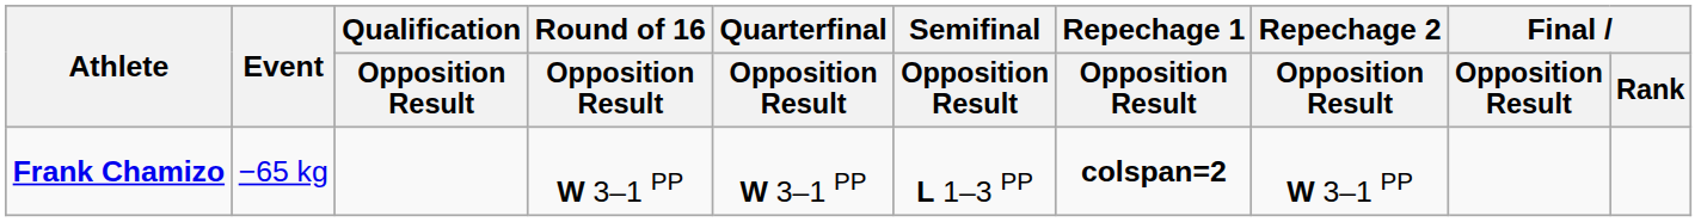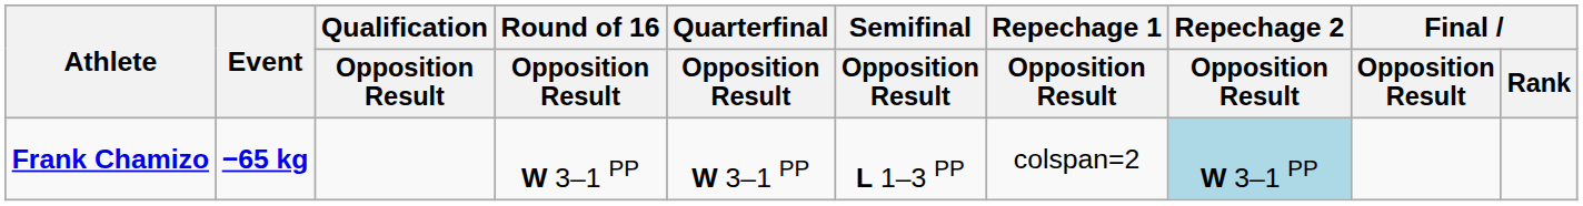 <table class="wikitable" style="font-size:90%">
 <tr>
 <th rowspan=2>Athlete</th>
 <th rowspan=2>Event</th>
 <th>Qualification</th>
 <th>Round of 16</th>
 <th>Quarterfinal</th>
 <th>Semifinal</th>
 <th>Repechage 1</th>
 <th>Repechage 2</th>
 <th colspan=2>Final / </th>
 </tr>
 <tr style="font-size: 95%">
 <th>Opposition<br>Result</th>
 <th>Opposition<br>Result</th>
 <th>Opposition<br>Result</th>
 <th>Opposition<br>Result</th>
 <th>Opposition<br>Result</th>
 <th>Opposition<br>Result</th>
 <th>Opposition<br>Result</th>
 <th>Rank</th>
 </tr>
 <tr align=center>
 <td align=left><strong><a href='#'>Frank Chamizo</a></strong></td>
-<td align=left><a href='#'>−65 kg</a></td>
+<td align=left><strong><a href='#'>−65 kg</a></strong></td>
 <td></td>
 <td><br><strong>W</strong> 3–1 <sup>PP</sup></td>
 <td><br><strong>W</strong> 3–1 <sup>PP</sup></td>
 <td><br><strong>L</strong> 1–3 <sup>PP</sup></td>
-<td><strong>colspan=2 </strong></td>
-<td><br><strong>W</strong> 3–1 <sup>PP</sup></td>
+<td>colspan=2 </td>
+<td style="background: lightblue;"><br><strong>W</strong> 3–1 <sup>PP</sup></td>
 <td></td>
 </tr>
 </table>
